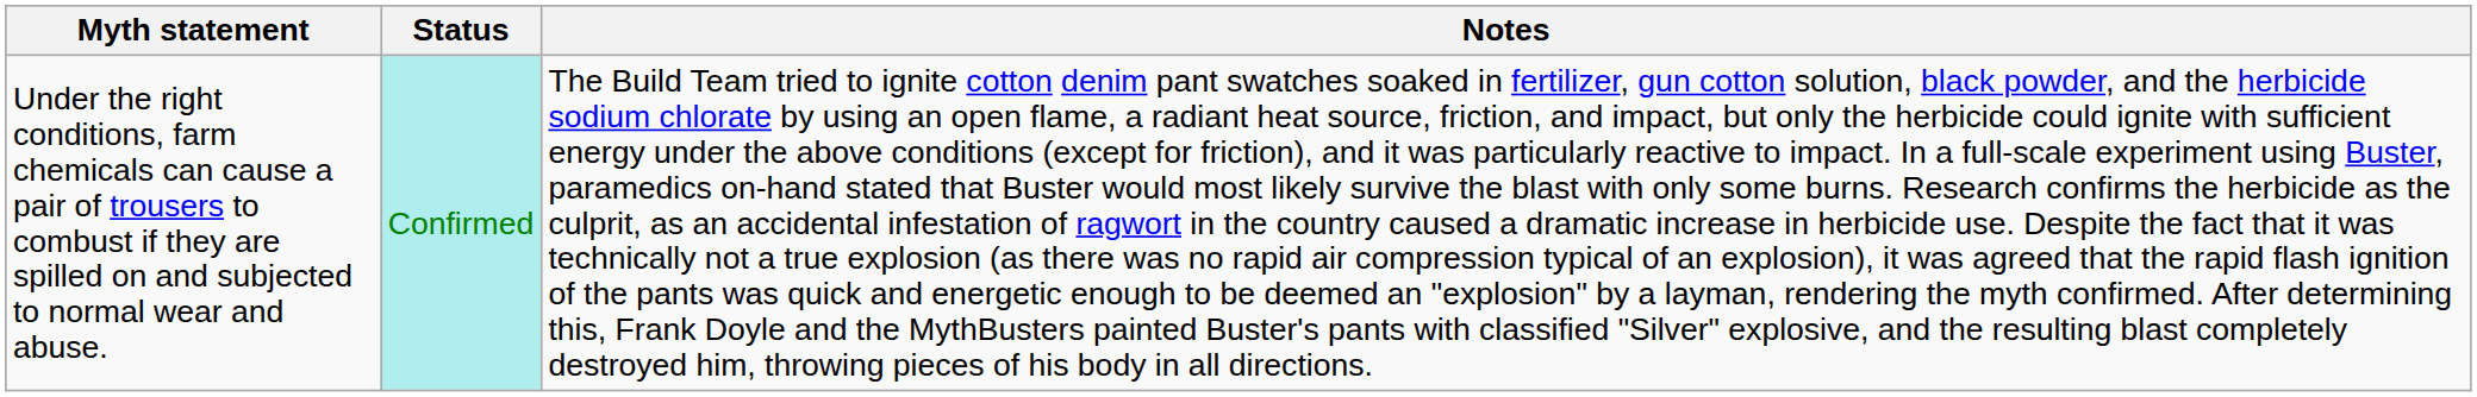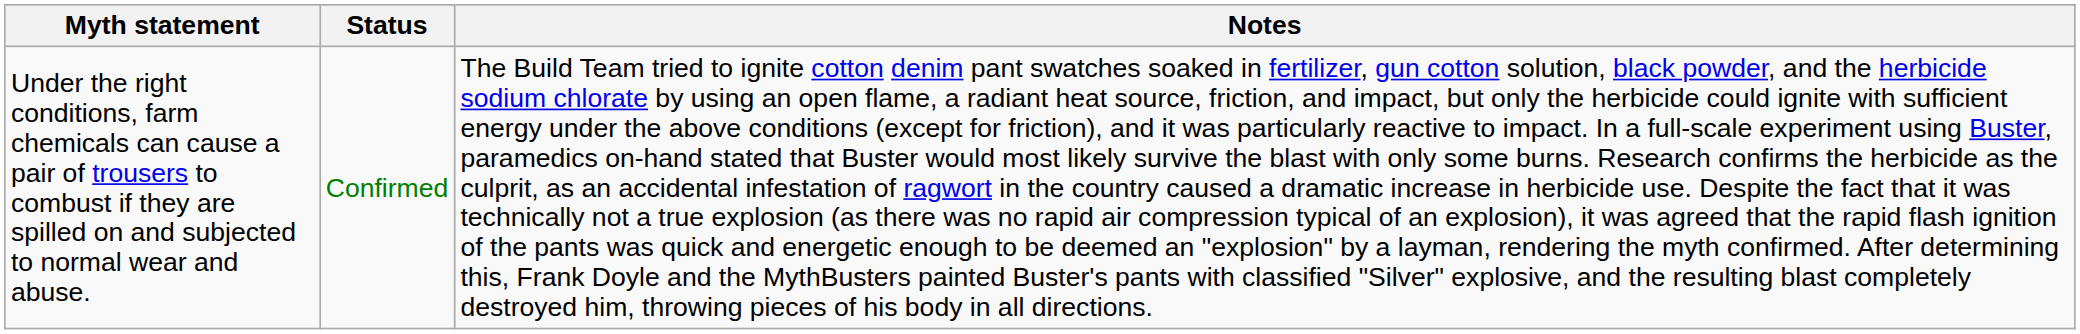 <table class="wikitable plainrowheaders">
 <tr>
 <th>Myth statement</th>
 <th>Status</th>
 <th>Notes</th>
 </tr>
 <tr>
 <td>Under the right conditions, farm chemicals can cause a pair of <a href='#'>trousers</a> to combust if they are spilled on and subjected to normal wear and abuse.</td>
-<td style="background: paleturquoise; color:green">Confirmed</td>
+<td style="color:green">Confirmed</td>
 <td>The Build Team tried to ignite <a href='#'>cotton</a> <a href='#'>denim</a> pant swatches soaked in <a href='#'>fertilizer</a>, <a href='#'>gun cotton</a> solution, <a href='#'>black powder</a>, and the <a href='#'>herbicide</a> <a href='#'>sodium chlorate</a> by using an open flame, a radiant heat source, friction, and impact, but only the herbicide could ignite with sufficient energy under the above conditions (except for friction), and it was particularly reactive to impact. In a full-scale experiment using <a href='#'>Buster</a>, paramedics on-hand stated that Buster would most likely survive the blast with only some burns. Research confirms the herbicide as the culprit, as an accidental infestation of <a href='#'>ragwort</a> in the country caused a dramatic increase in herbicide use. Despite the fact that it was technically not a true explosion (as there was no rapid air compression typical of an explosion), it was agreed that the rapid flash ignition of the pants was quick and energetic enough to be deemed an "explosion" by a layman, rendering the myth confirmed. After determining this, Frank Doyle and the MythBusters painted Buster's pants with classified "Silver" explosive, and the resulting blast completely destroyed him, throwing pieces of his body in all directions.</td>
 </tr>
 </table>
